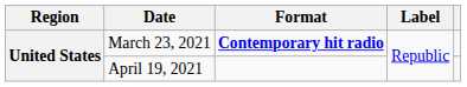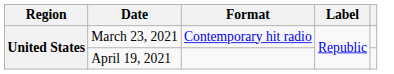 <table class="wikitable plainrowheaders">
 <tr>
 <th scope="col">Region</th>
 <th scope="col">Date</th>
 <th scope="col">Format</th>
 <th scope="col">Label</th>
 <th scope="col"></th>
 </tr>
 <tr>
 <th scope="row" rowspan="2">United States</th>
 <td>March 23, 2021</td>
-<td><strong><a href='#'>Contemporary hit radio</a></strong></td>
+<td><a href='#'>Contemporary hit radio</a></td>
 <td rowspan="2"><a href='#'>Republic</a></td>
 <td></td>
 </tr>
 <tr>
 <td>April 19, 2021</td>
 <td></td>
 <td align="center"></td>
 </tr>
 </table>
